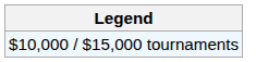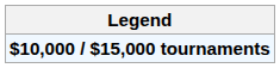 <table class="wikitable" style="font-size:95%">
 <tr>
 <th>Legend</th>
 </tr>
 <tr style="background:#f0f8ff;">
-<td>$10,000 / $15,000 tournaments</td>
+<td><strong>$10,000 / $15,000 tournaments</strong></td>
 </tr>
 </table>
